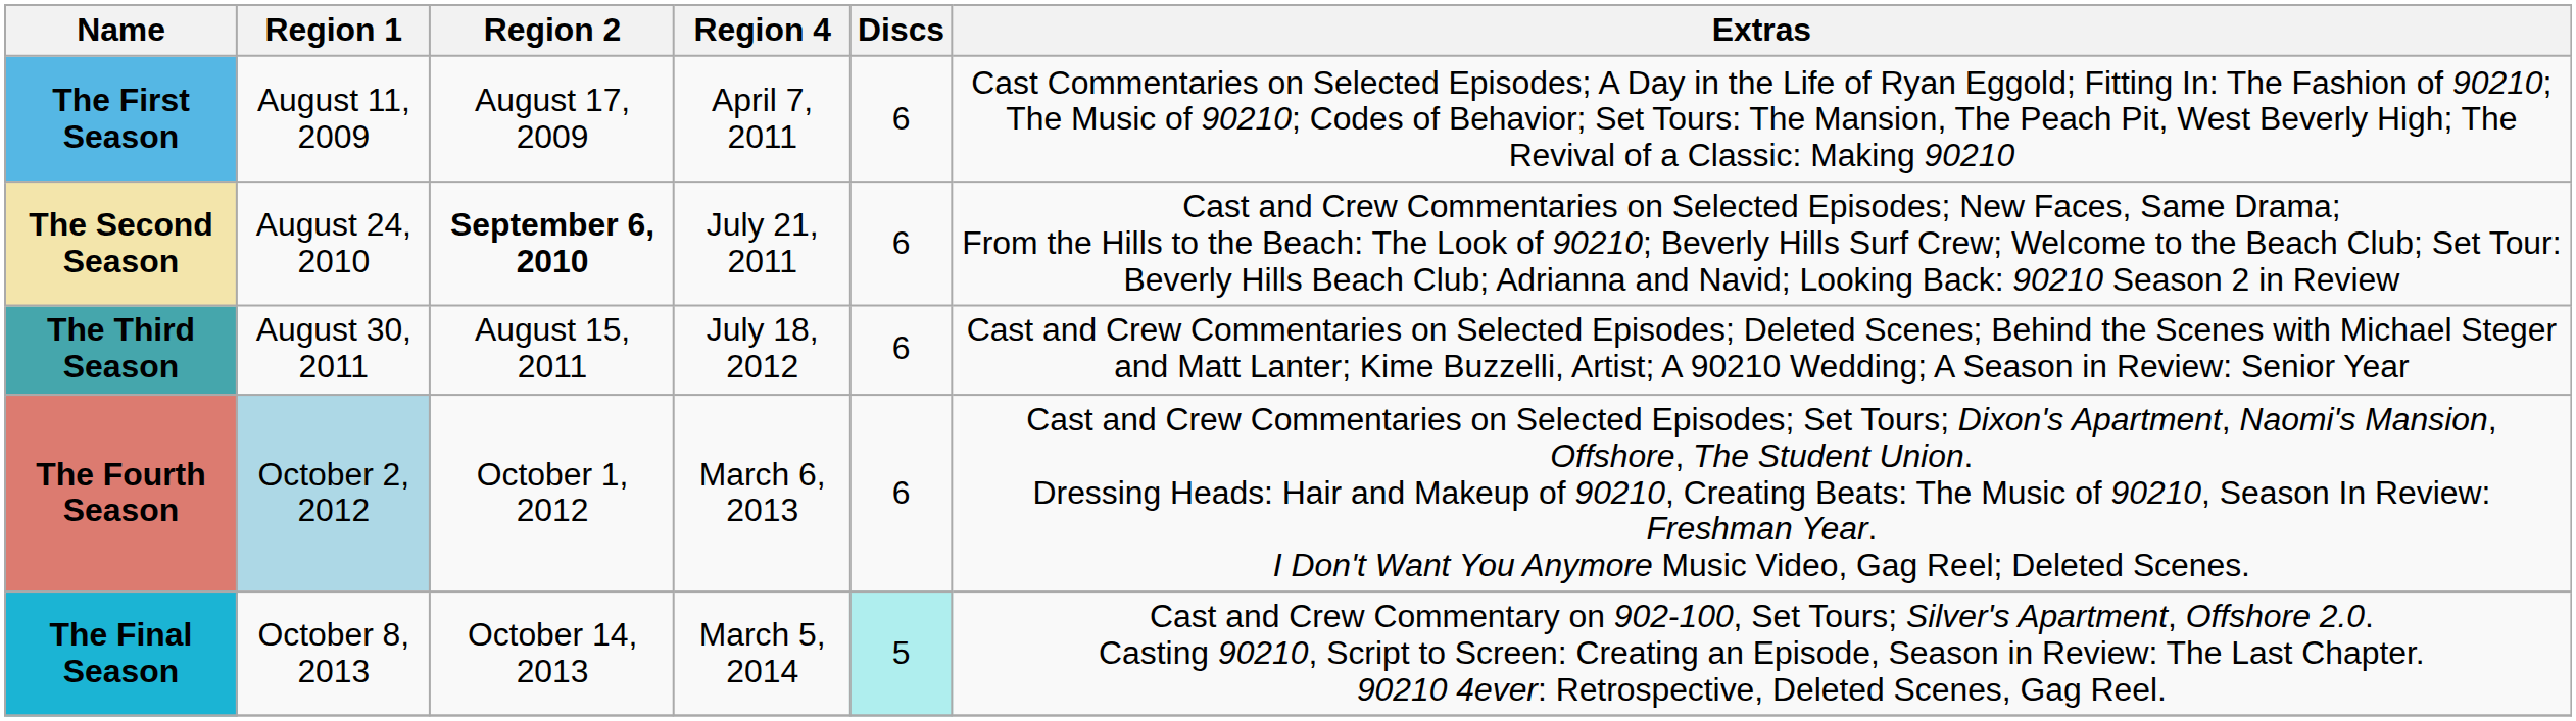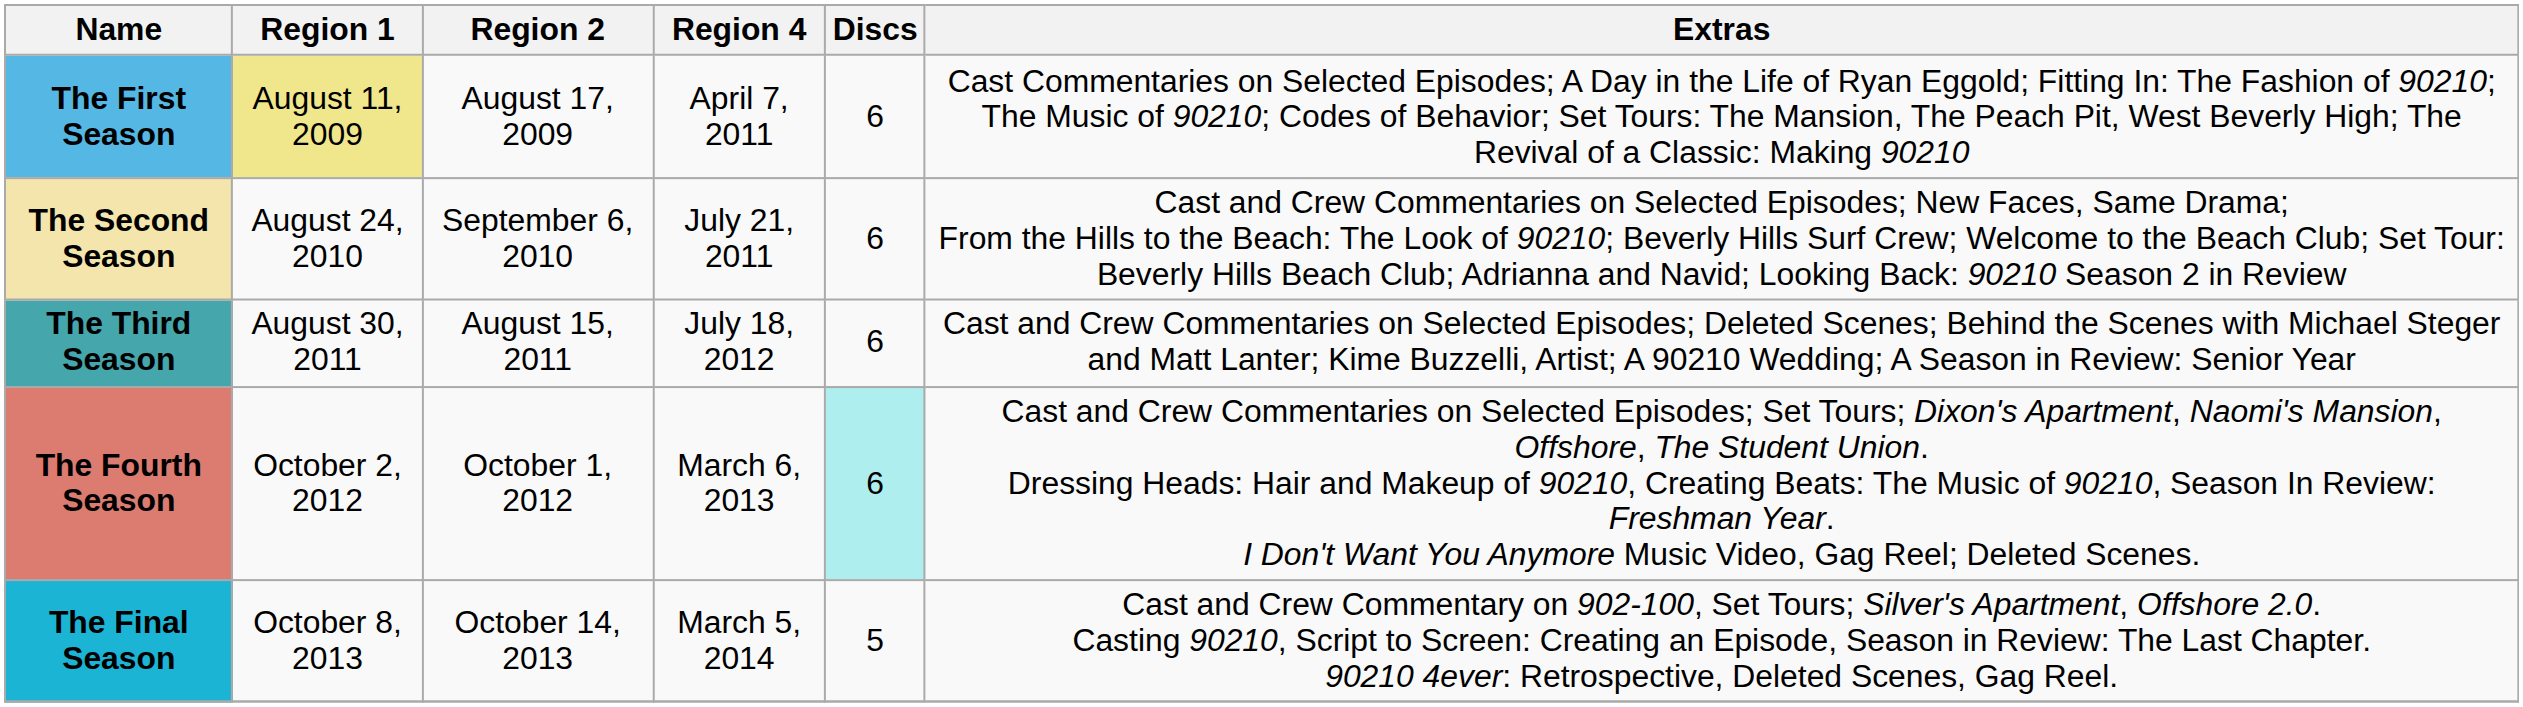 <table class="wikitable" style="width:100%;">
 <tr>
 <th>Name</th>
 <th>Region 1</th>
 <th>Region 2</th>
 <th>Region 4</th>
 <th>Discs</th>
 <th>Extras</th>
 </tr>
 <tr style="text-align:center;">
 <td style="background:#55B7E4; height:10px;"><strong>The First Season</strong></td>
-<td>August 11, 2009</td>
+<td style="background: khaki;">August 11, 2009</td>
 <td>August 17, 2009</td>
 <td>April 7, 2011</td>
 <td>6</td>
 <td>Cast Commentaries on Selected Episodes; A Day in the Life of Ryan Eggold; Fitting In: The Fashion of <em>90210</em>;<br>The Music of <em>90210</em>; Codes of Behavior; Set Tours: The Mansion, The Peach Pit, West Beverly High; The Revival of a Classic: Making <em>90210</em></td>
 </tr>
 <tr style="text-align:center;">
 <td style="background:#F3E5AB; height:10px;"><strong>The Second Season</strong></td>
 <td>August 24, 2010</td>
-<td><strong>September 6, 2010</strong></td>
+<td>September 6, 2010</td>
 <td>July 21, 2011</td>
 <td>6</td>
 <td>Cast and Crew Commentaries on Selected Episodes; New Faces, Same Drama;<br>From the Hills to the Beach: The Look of <em>90210</em>; Beverly Hills Surf Crew; Welcome to the Beach Club; Set Tour: Beverly Hills Beach Club; Adrianna and Navid; Looking Back: <em>90210</em> Season 2 in Review</td>
 </tr>
 <tr style="text-align:center;">
 <td style="background:#45A6AC; height:10px;"><strong>The Third Season</strong></td>
 <td>August 30, 2011</td>
 <td>August 15, 2011</td>
 <td>July 18, 2012</td>
 <td>6</td>
 <td>Cast and Crew Commentaries on Selected Episodes; Deleted Scenes; Behind the Scenes with Michael Steger and Matt Lanter; Kime Buzzelli, Artist; A 90210 Wedding; A Season in Review: Senior Year</td>
 </tr>
 <tr style="text-align:center;">
 <td style="background:#DC7B70; height:10px;"><strong>The Fourth Season</strong></td>
-<td style="background: lightblue;">October 2, 2012</td>
+<td>October 2, 2012</td>
 <td>October 1, 2012</td>
 <td>March 6, 2013</td>
-<td>6</td>
+<td style="background: paleturquoise;">6</td>
 <td>Cast and Crew Commentaries on Selected Episodes; Set Tours; <em>Dixon's Apartment</em>, <em>Naomi's Mansion</em>, <em>Offshore</em>, <em>The Student Union</em>.<br>Dressing Heads: Hair and Makeup of <em>90210</em>, Creating Beats: The Music of <em>90210</em>, Season In Review: <em>Freshman Year</em>.<br><em>I Don't Want You Anymore</em> Music Video, Gag Reel; Deleted Scenes.</td>
 </tr>
 <tr style="text-align:center;">
 <td style="background:#1BB4D4; height:10px;"><strong>The Final Season</strong></td>
 <td>October 8, 2013</td>
 <td>October 14, 2013</td>
 <td>March 5, 2014</td>
-<td style="background: paleturquoise;">5</td>
+<td>5</td>
 <td>Cast and Crew Commentary on <em>902-100</em>, Set Tours; <em>Silver's Apartment</em>, <em>Offshore 2.0</em>.<br>Casting <em>90210</em>, Script to Screen: Creating an Episode, Season in Review: The Last Chapter.<br><em>90210 4ever</em>: Retrospective, Deleted Scenes, Gag Reel.</td>
 </tr>
 <tr style="text-align:center;">
 </tr>
 </table>
